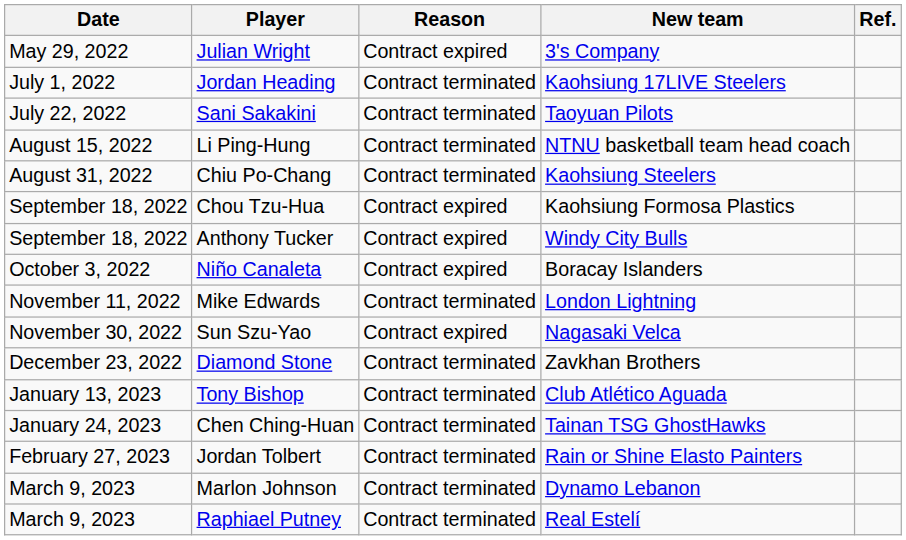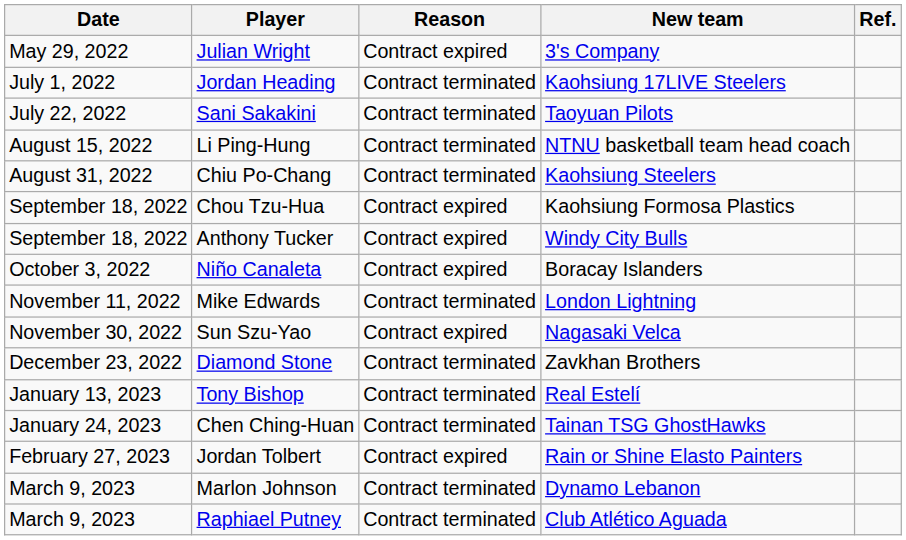 <table class="wikitable">
 <tr>
 <th>Date</th>
 <th>Player</th>
 <th>Reason</th>
 <th>New team</th>
 <th>Ref.</th>
 </tr>
 <tr>
 <td>May 29, 2022</td>
 <td><a href='#'>Julian Wright</a></td>
 <td>Contract expired</td>
 <td> <a href='#'>3's Company</a></td>
 <td></td>
 </tr>
 <tr>
 <td>July 1, 2022</td>
 <td><a href='#'>Jordan Heading</a></td>
 <td>Contract terminated</td>
 <td> <a href='#'>Kaohsiung 17LIVE Steelers</a></td>
 <td></td>
 </tr>
 <tr>
 <td>July 22, 2022</td>
 <td><a href='#'>Sani Sakakini</a></td>
 <td>Contract terminated</td>
 <td> <a href='#'>Taoyuan Pilots</a></td>
 <td></td>
 </tr>
 <tr>
 <td>August 15, 2022</td>
 <td>Li Ping-Hung</td>
 <td>Contract terminated</td>
 <td> <a href='#'>NTNU</a> basketball team head coach</td>
 <td></td>
 </tr>
 <tr>
 <td>August 31, 2022</td>
 <td>Chiu Po-Chang</td>
 <td>Contract terminated</td>
 <td> <a href='#'>Kaohsiung Steelers</a></td>
 <td></td>
 </tr>
 <tr>
 <td>September 18, 2022</td>
 <td>Chou Tzu-Hua</td>
 <td>Contract expired</td>
 <td> Kaohsiung Formosa Plastics</td>
 <td></td>
 </tr>
 <tr>
 <td>September 18, 2022</td>
 <td>Anthony Tucker</td>
 <td>Contract expired</td>
 <td> <a href='#'>Windy City Bulls</a></td>
 <td></td>
 </tr>
 <tr>
 <td>October 3, 2022</td>
 <td><a href='#'>Niño Canaleta</a></td>
 <td>Contract expired</td>
 <td> Boracay Islanders</td>
 <td></td>
 </tr>
 <tr>
 <td>November 11, 2022</td>
 <td>Mike Edwards</td>
 <td>Contract terminated</td>
 <td> <a href='#'>London Lightning</a></td>
 <td></td>
 </tr>
 <tr>
 <td>November 30, 2022</td>
 <td>Sun Szu-Yao</td>
 <td>Contract expired</td>
 <td> <a href='#'>Nagasaki Velca</a></td>
 <td></td>
 </tr>
 <tr>
 <td>December 23, 2022</td>
 <td><a href='#'>Diamond Stone</a></td>
 <td>Contract terminated</td>
 <td> Zavkhan Brothers</td>
 <td></td>
 </tr>
 <tr>
 <td>January 13, 2023</td>
 <td><a href='#'>Tony Bishop</a></td>
 <td>Contract terminated</td>
-<td> <a href='#'>Club Atlético Aguada</a></td>
+<td> <a href='#'>Real Estelí</a></td>
 <td></td>
 </tr>
 <tr>
 <td>January 24, 2023</td>
 <td>Chen Ching-Huan</td>
 <td>Contract terminated</td>
 <td> <a href='#'>Tainan TSG GhostHawks</a></td>
 <td></td>
 </tr>
 <tr>
 <td>February 27, 2023</td>
 <td>Jordan Tolbert</td>
-<td>Contract terminated</td>
+<td>Contract expired</td>
 <td> <a href='#'>Rain or Shine Elasto Painters</a></td>
 <td></td>
 </tr>
 <tr>
 <td>March 9, 2023</td>
 <td>Marlon Johnson</td>
 <td>Contract terminated</td>
 <td> <a href='#'>Dynamo Lebanon</a></td>
 <td></td>
 </tr>
 <tr>
 <td>March 9, 2023</td>
 <td><a href='#'>Raphiael Putney</a></td>
 <td>Contract terminated</td>
-<td> <a href='#'>Real Estelí</a></td>
+<td> <a href='#'>Club Atlético Aguada</a></td>
 <td></td>
 </tr>
 </table>
